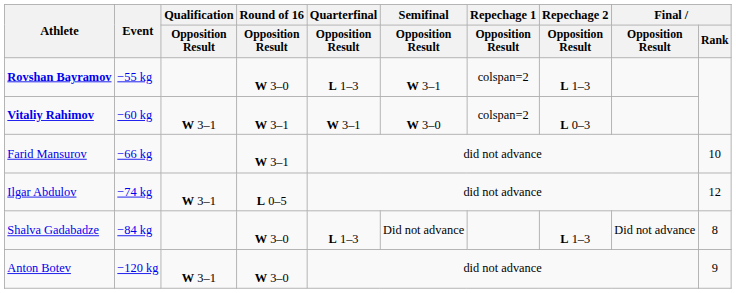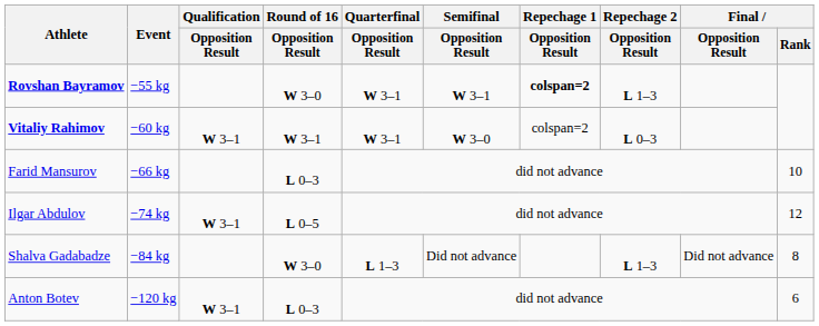 <table class="wikitable" style="font-size:90%">
 <tr>
 <th rowspan="2">Athlete</th>
 <th rowspan="2">Event</th>
 <th>Qualification</th>
 <th>Round of 16</th>
 <th>Quarterfinal</th>
 <th>Semifinal</th>
 <th>Repechage 1</th>
 <th>Repechage 2</th>
 <th colspan=2>Final / </th>
 </tr>
 <tr style="font-size: 95%">
 <th>Opposition<br>Result</th>
 <th>Opposition<br>Result</th>
 <th>Opposition<br>Result</th>
 <th>Opposition<br>Result</th>
 <th>Opposition<br>Result</th>
 <th>Opposition<br>Result</th>
 <th>Opposition<br>Result</th>
 <th>Rank</th>
 </tr>
 <tr align=center>
 <td align=left><strong><a href='#'>Rovshan Bayramov</a></strong></td>
 <td align=left><a href='#'>−55 kg</a></td>
 <td></td>
 <td><br><strong>W</strong> 3–0 <sup></sup></td>
-<td><br><strong>L</strong> 1–3 <sup></sup></td>
 <td><br><strong>W</strong> 3–1 <sup></sup></td>
-<td>colspan=2 </td>
+<td><br><strong>W</strong> 3–1 <sup></sup></td>
+<td><strong>colspan=2 </strong></td>
 <td><br><strong>L</strong> 1–3 <sup></sup></td>
 <td></td>
 </tr>
 <tr align=center>
 <td align=left><strong><a href='#'>Vitaliy Rahimov</a></strong></td>
 <td align=left><a href='#'>−60 kg</a></td>
 <td><br><strong>W</strong> 3–1 <sup></sup></td>
 <td><br><strong>W</strong> 3–1 <sup></sup></td>
 <td><br><strong>W</strong> 3–1 <sup></sup></td>
 <td><br><strong>W</strong> 3–0 <sup></sup></td>
 <td>colspan=2 </td>
 <td><br><strong>L</strong> 0–3 <sup></sup></td>
 <td></td>
 </tr>
 <tr align=center>
 <td align=left><a href='#'>Farid Mansurov</a></td>
 <td align=left><a href='#'>−66 kg</a></td>
 <td></td>
-<td><br><strong>W</strong> 3–1 <sup></sup></td>
+<td><br><strong>L</strong> 0–3 <sup></sup></td>
 <td colspan=5>did not advance</td>
 <td>10</td>
 </tr>
 <tr align=center>
 <td align=left><a href='#'>Ilgar Abdulov</a></td>
 <td align=left><a href='#'>−74 kg</a></td>
 <td><br><strong>W</strong> 3–1 <sup></sup></td>
 <td><br><strong>L</strong> 0–5 <sup></sup></td>
 <td colspan=5>did not advance</td>
 <td>12</td>
 </tr>
 <tr align=center>
 <td align=left><a href='#'>Shalva Gadabadze</a></td>
 <td align=left><a href='#'>−84 kg</a></td>
 <td></td>
 <td><br><strong>W</strong> 3–0 <sup></sup></td>
 <td><br><strong>L</strong> 1–3 <sup></sup></td>
 <td>Did not advance</td>
 <td></td>
 <td><br><strong>L</strong> 1–3 <sup></sup></td>
 <td>Did not advance</td>
 <td>8</td>
 </tr>
 <tr align=center>
 <td align=left><a href='#'>Anton Botev</a></td>
 <td align=left><a href='#'>−120 kg</a></td>
 <td><br><strong>W</strong> 3–1 <sup></sup></td>
-<td><br><strong>W</strong> 3–0 <sup></sup></td>
+<td><br><strong>L</strong> 0–3 <sup></sup></td>
 <td colspan=5>did not advance</td>
-<td>9</td>
+<td>6</td>
 </tr>
 </table>
